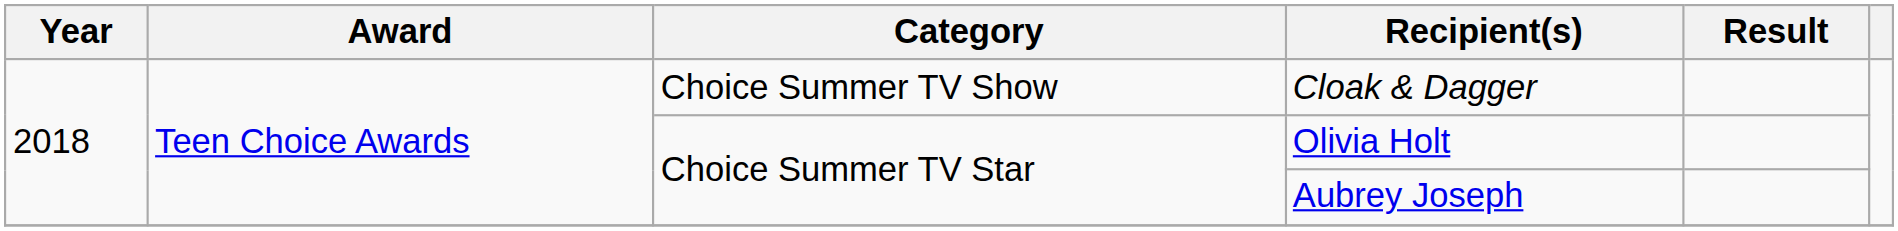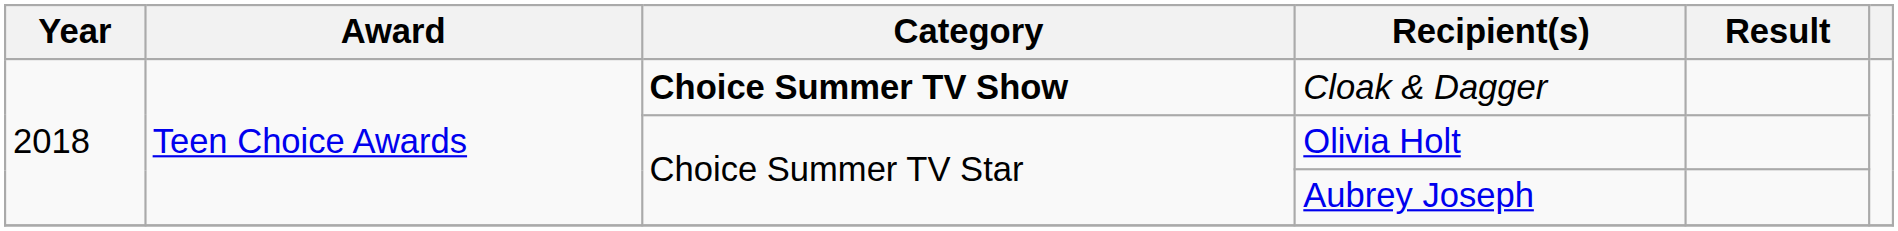 <table class="wikitable sortable" style="width: 99%;">
 <tr>
 <th scope="col">Year</th>
 <th scope="col">Award</th>
 <th scope="col">Category</th>
 <th scope="col">Recipient(s)</th>
 <th scope="col">Result</th>
 <th scope="col" class="unsortable"></th>
 </tr>
 <tr>
 <td rowspan="3">2018</td>
 <td rowspan="3"><a href='#'>Teen Choice Awards</a></td>
-<td>Choice Summer TV Show</td>
+<td><strong>Choice Summer TV Show</strong></td>
 <td><em>Cloak & Dagger</em></td>
 <td></td>
 <td rowspan="3" style="text-align:center;"></td>
 </tr>
 <tr>
 <td rowspan="2">Choice Summer TV Star</td>
 <td data-sort-value="Holt, Olivia"><a href='#'>Olivia Holt</a></td>
 <td></td>
 </tr>
 <tr>
 <td data-sort-value="Joseph, Aubrey"><a href='#'>Aubrey Joseph</a></td>
 <td></td>
 </tr>
 <tr>
 </tr>
 </table>
